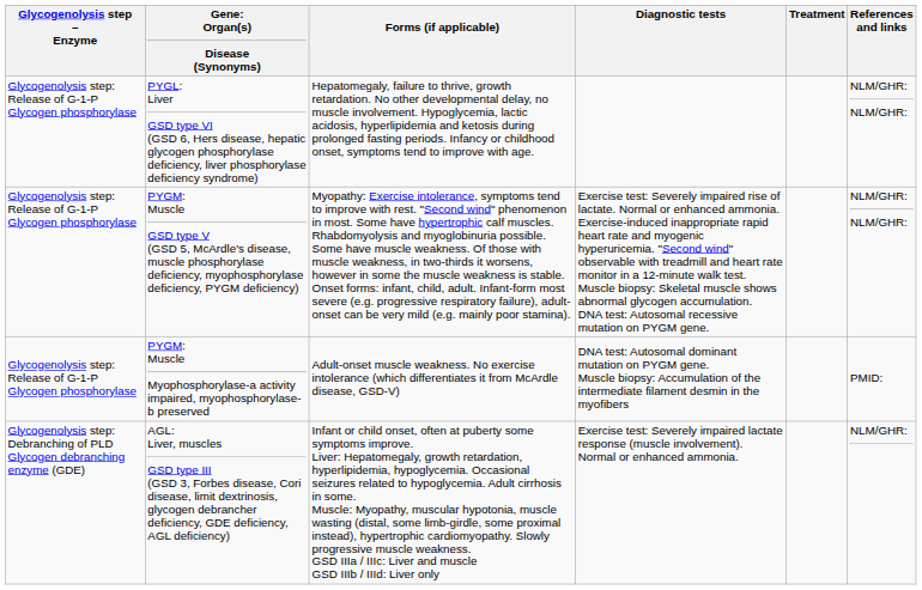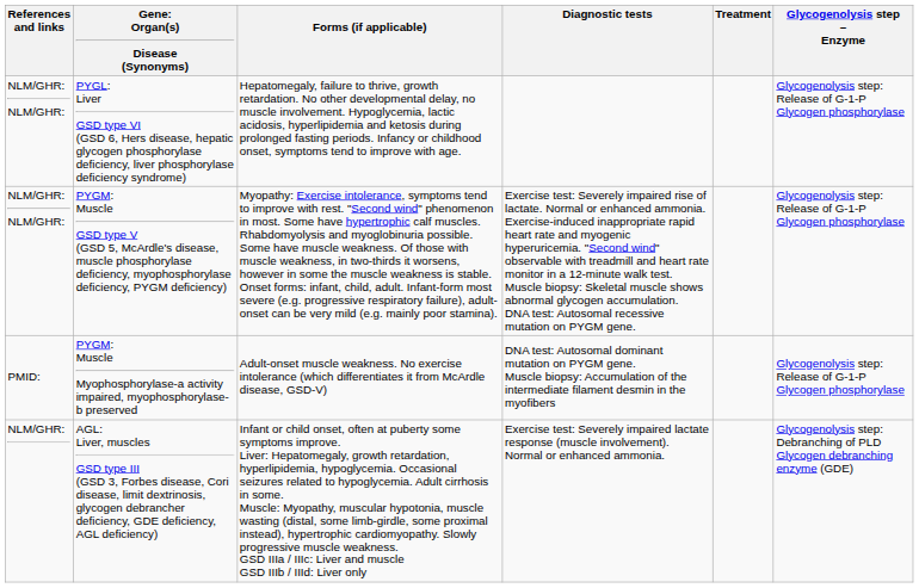 <table class="wikitable">
 <tr valign="top">
-<th><a href='#'>Glycogenolysis</a> step <br>–<br> Enzyme</th>
+<th>References <br> and links</th>
 <th>Gene: <br>Organ(s) <hr> Disease<br>(Synonyms)</th>
 <th> <br> Forms (if applicable) <br> </th>
 <th>Diagnostic tests</th>
 <th>Treatment</th>
-<th>References <br> and links</th>
+<th><a href='#'>Glycogenolysis</a> step <br>–<br> Enzyme</th>
 </tr>
 <tr valign="top">
-<td><a href='#'>Glycogenolysis</a> step: <br> Release of G-1-P  <a href='#'>Glycogen phosphorylase</a></td>
+<td>NLM/GHR: <br> <hr> NLM/GHR: <br>  <br>  <br> </td>
 <td><a href='#'>PYGL</a>: <br> Liver <hr> <a href='#'>GSD type VI</a> <br>(GSD 6, Hers disease, hepatic glycogen phosphorylase deficiency, liver phosphorylase deficiency syndrome)</td>
 <td>Hepatomegaly, failure to thrive, growth retardation. No other developmental delay, no muscle involvement. Hypoglycemia, lactic acidosis, hyperlipidemia and ketosis during prolonged fasting periods. Infancy or childhood onset, symptoms tend to improve with age.</td>
 <td></td>
 <td></td>
-<td>NLM/GHR: <br> <hr> NLM/GHR: <br>  <br>  <br> </td>
+<td><a href='#'>Glycogenolysis</a> step: <br> Release of G-1-P  <a href='#'>Glycogen phosphorylase</a></td>
 </tr>
 <tr valign="top">
-<td><a href='#'>Glycogenolysis</a> step: <br> Release of G-1-P  <a href='#'>Glycogen phosphorylase</a></td>
+<td>NLM/GHR: <br> <hr> NLM/GHR: <br>  <br>  <br> </td>
 <td><a href='#'>PYGM</a>: <br> Muscle <hr> <a href='#'>GSD type V</a> <br>(GSD 5, McArdle's disease, muscle phosphorylase deficiency, myophosphorylase deficiency, PYGM deficiency)</td>
 <td>Myopathy: <a href='#'>Exercise intolerance</a>, symptoms tend to improve with rest. "<a href='#'>Second wind</a>" phenomenon in most. Some have <a href='#'>hypertrophic</a> calf muscles. Rhabdomyolysis and myoglobinuria possible. Some have muscle weakness. Of those with muscle weakness, in two-thirds it worsens, however in some the muscle weakness is stable. <br> Onset forms: infant, child, adult. Infant-form most severe (e.g. progressive respiratory failure), adult-onset can be very mild (e.g. mainly poor stamina).</td>
 <td>Exercise test: Severely impaired rise of lactate. Normal or enhanced ammonia. Exercise-induced inappropriate rapid heart rate and myogenic hyperuricemia. "<a href='#'>Second wind</a>" observable with treadmill and heart rate monitor in a 12-minute walk test.<br>Muscle biopsy: Skeletal muscle shows abnormal glycogen accumulation.<br>DNA test: Autosomal recessive mutation on PYGM gene.</td>
 <td></td>
-<td>NLM/GHR: <br> <hr> NLM/GHR: <br>  <br>  <br> </td>
+<td><a href='#'>Glycogenolysis</a> step: <br> Release of G-1-P  <a href='#'>Glycogen phosphorylase</a></td>
 </tr>
 <tr>
-<td><a href='#'>Glycogenolysis</a> step: <br> Release of G-1-P <a href='#'>Glycogen phosphorylase</a></td>
+<td>PMID: </td>
 <td><a href='#'>PYGM</a>: <br> Muscle<hr> Myophosphorylase-a activity impaired, myophosphorylase-b preserved</td>
 <td>Adult-onset muscle weakness. No exercise intolerance (which differentiates it from McArdle disease, GSD-V)</td>
 <td>DNA test: Autosomal dominant mutation on PYGM gene.<br>Muscle biopsy: Accumulation of the intermediate filament desmin in the myofibers</td>
 <td></td>
-<td>PMID: </td>
+<td><a href='#'>Glycogenolysis</a> step: <br> Release of G-1-P <a href='#'>Glycogen phosphorylase</a></td>
 </tr>
 <tr valign="top">
-<td><a href='#'>Glycogenolysis</a> step: <br> Debranching of PLD    <a href='#'>Glycogen debranching enzyme</a> (GDE)</td>
+<td>NLM/GHR: <br> <hr>  <br>  <br>  <br> </td>
 <td>AGL: <br> Liver, muscles <hr>  <a href='#'>GSD type III</a> <br>(GSD 3, Forbes disease, Cori disease, limit dextrinosis, glycogen debrancher deficiency, GDE deficiency, AGL deficiency)</td>
 <td>Infant or child onset, often at puberty some symptoms improve. <br> Liver: Hepatomegaly, growth retardation, hyperlipidemia, hypoglycemia. Occasional seizures related to hypoglycemia. Adult cirrhosis in some. <br> Muscle: Myopathy, muscular hypotonia, muscle wasting (distal, some limb-girdle, some proximal instead), hypertrophic cardiomyopathy. Slowly progressive muscle weakness. <br> GSD IIIa / IIIc: Liver and muscle <br> GSD IIIb / IIId: Liver only</td>
 <td>Exercise test: Severely impaired lactate response (muscle involvement). Normal or enhanced ammonia.</td>
 <td></td>
-<td>NLM/GHR: <br> <hr>  <br>  <br>  <br> </td>
+<td><a href='#'>Glycogenolysis</a> step: <br> Debranching of PLD    <a href='#'>Glycogen debranching enzyme</a> (GDE)</td>
 </tr>
 </table>
